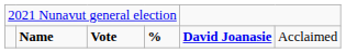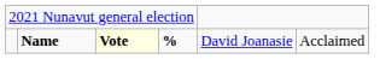 <table class="wikitable">
 <tr>
 <td colspan=4 align=center><a href='#'>2021 Nunavut general election</a></td>
 </tr>
 <tr>
 <td></td>
 <td><strong>Name</strong></td>
-<td><strong>Vote</strong></td>
+<td style="background: lightyellow;"><strong>Vote</strong></td>
 <td><strong>%</strong><br></td>
-<td><strong><a href='#'>David Joanasie</a></strong></td>
+<td><a href='#'>David Joanasie</a></td>
 <td colspan="2">Acclaimed</td>
 </tr>
 </table>
